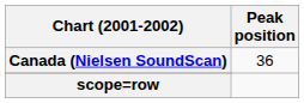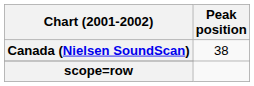 <table class="wikitable sortable plainrowheaders" style="text-align:center">
 <tr>
 <th scope="col">Chart (2001-2002)</th>
 <th scope="col">Peak<br>position</th>
 </tr>
 <tr>
 <th scope="row">Canada (<a href='#'>Nielsen SoundScan</a>)</th>
-<td style="text-align:center">36</td>
+<td style="text-align:center">38</td>
 </tr>
 <tr>
 </tr>
 <tr>
 </tr>
 <tr>
 </tr>
 <tr>
 <th>scope=row</th>
 </tr>
 </table>
